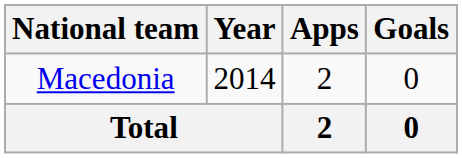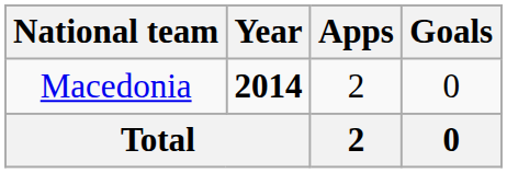 <table class=wikitable style="text-align: center;">
 <tr>
 <th>National team</th>
 <th>Year</th>
 <th>Apps</th>
 <th>Goals</th>
 </tr>
 <tr>
 <td rowspan="1"><a href='#'>Macedonia</a></td>
-<td>2014</td>
+<td><strong>2014</strong></td>
 <td>2</td>
 <td>0</td>
 </tr>
 <tr>
 <th colspan="2">Total</th>
 <th>2</th>
 <th>0</th>
 </tr>
 </table>
